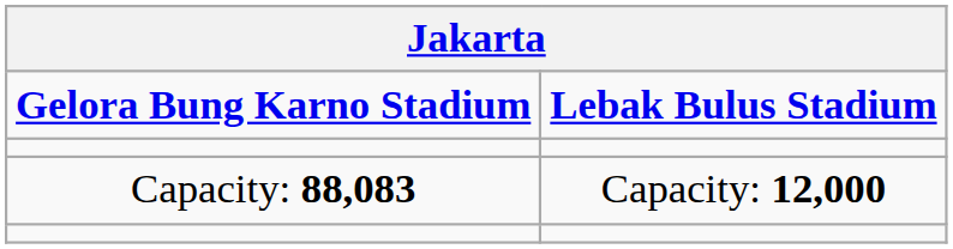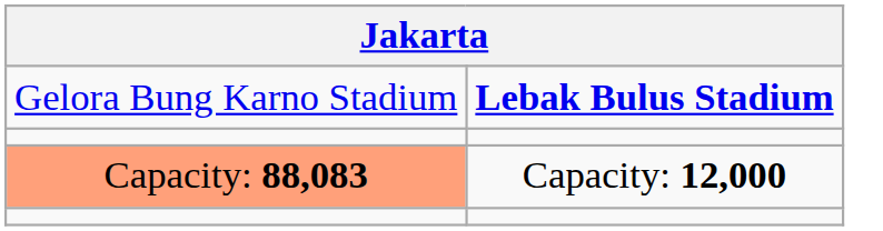 <table class="wikitable" style="text-align:center">
 <tr>
 <th colspan=2><a href='#'>Jakarta</a></th>
 </tr>
 <tr>
-<td><strong><a href='#'>Gelora Bung Karno Stadium</a></strong></td>
+<td><a href='#'>Gelora Bung Karno Stadium</a></td>
 <td><strong><a href='#'>Lebak Bulus Stadium</a></strong></td>
 </tr>
 <tr>
 <td></td>
 <td></td>
 </tr>
 <tr>
-<td>Capacity: <strong>88,083</strong></td>
+<td style="background: lightsalmon;">Capacity: <strong>88,083</strong></td>
 <td>Capacity: <strong>12,000</strong></td>
 </tr>
 <tr>
 <td></td>
 <td></td>
 </tr>
 </table>
